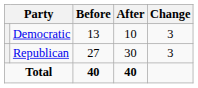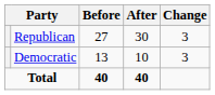 <table class="wikitable" style="text-align:center;">
 <tr>
 <th colspan="2">Party</th>
 <th>Before</th>
 <th>After</th>
 <th>Change</th>
 </tr>
 <tr>
 <th style="background-color:"></th>
-<td style="text-align:left;"><a href='#'>Democratic</a></td>
-<td>13</td>
-<td>10</td>
+<td style="text-align:left;"><a href='#'>Republican</a></td>
+<td>27</td>
+<td>30</td>
 <td> 3</td>
 </tr>
 <tr>
 <th style="background-color:"></th>
-<td style="text-align:left;"><a href='#'>Republican</a></td>
-<td>27</td>
-<td>30</td>
+<td style="text-align:left;"><a href='#'>Democratic</a></td>
+<td>13</td>
+<td>10</td>
 <td> 3</td>
 </tr>
 <tr>
 <td colspan="2"><strong>Total</strong></td>
 <td><strong>40</strong></td>
 <td><strong>40</strong></td>
 <td></td>
 </tr>
 </table>
